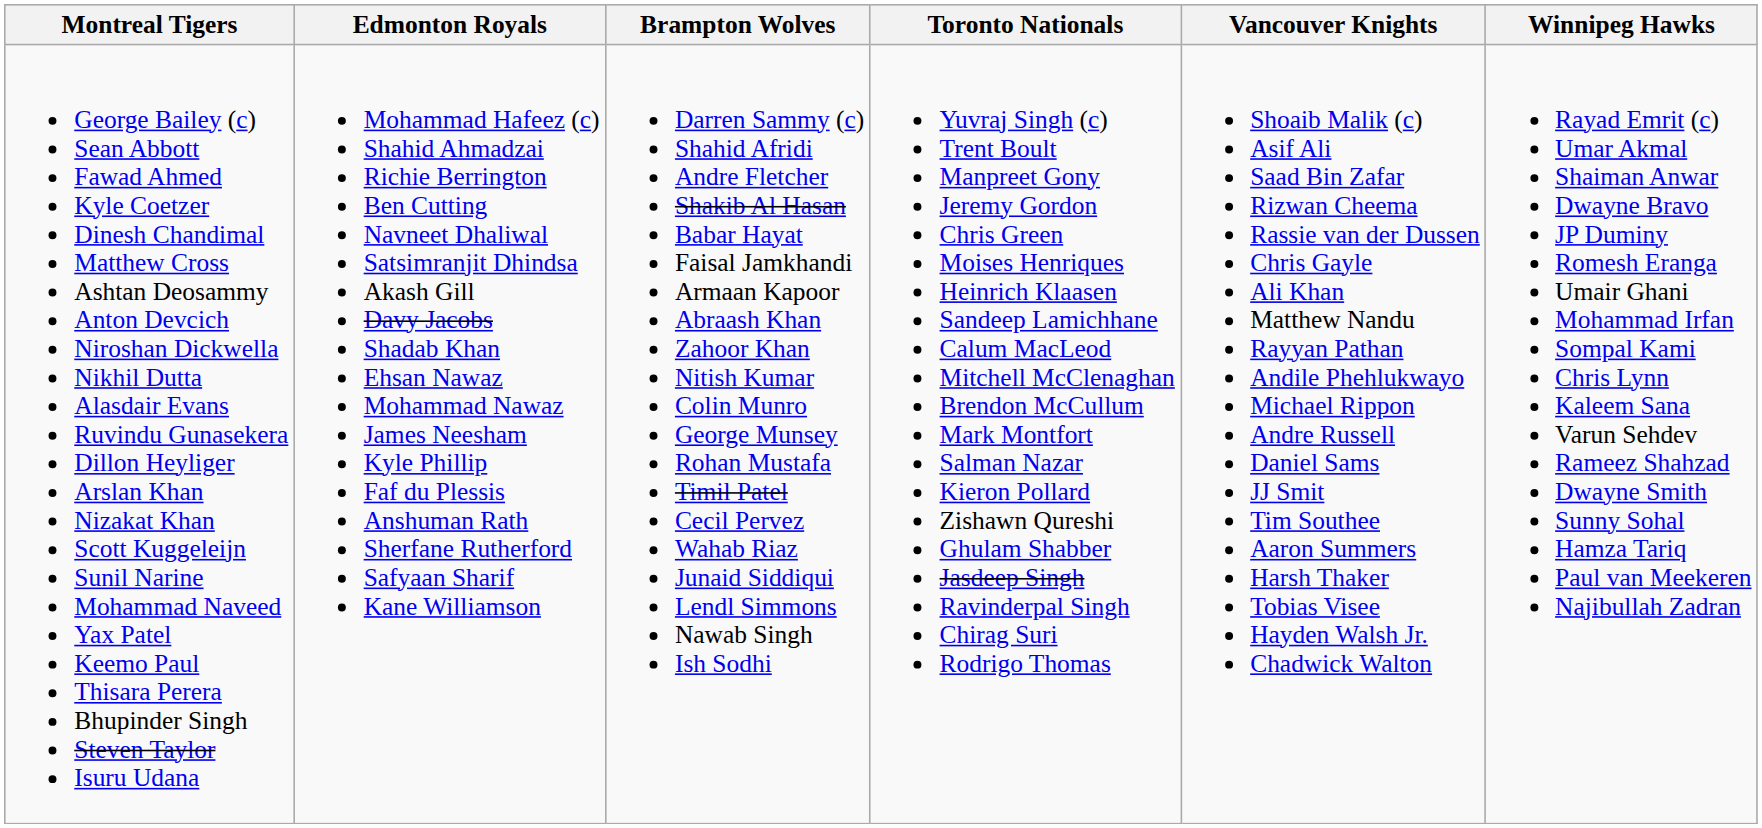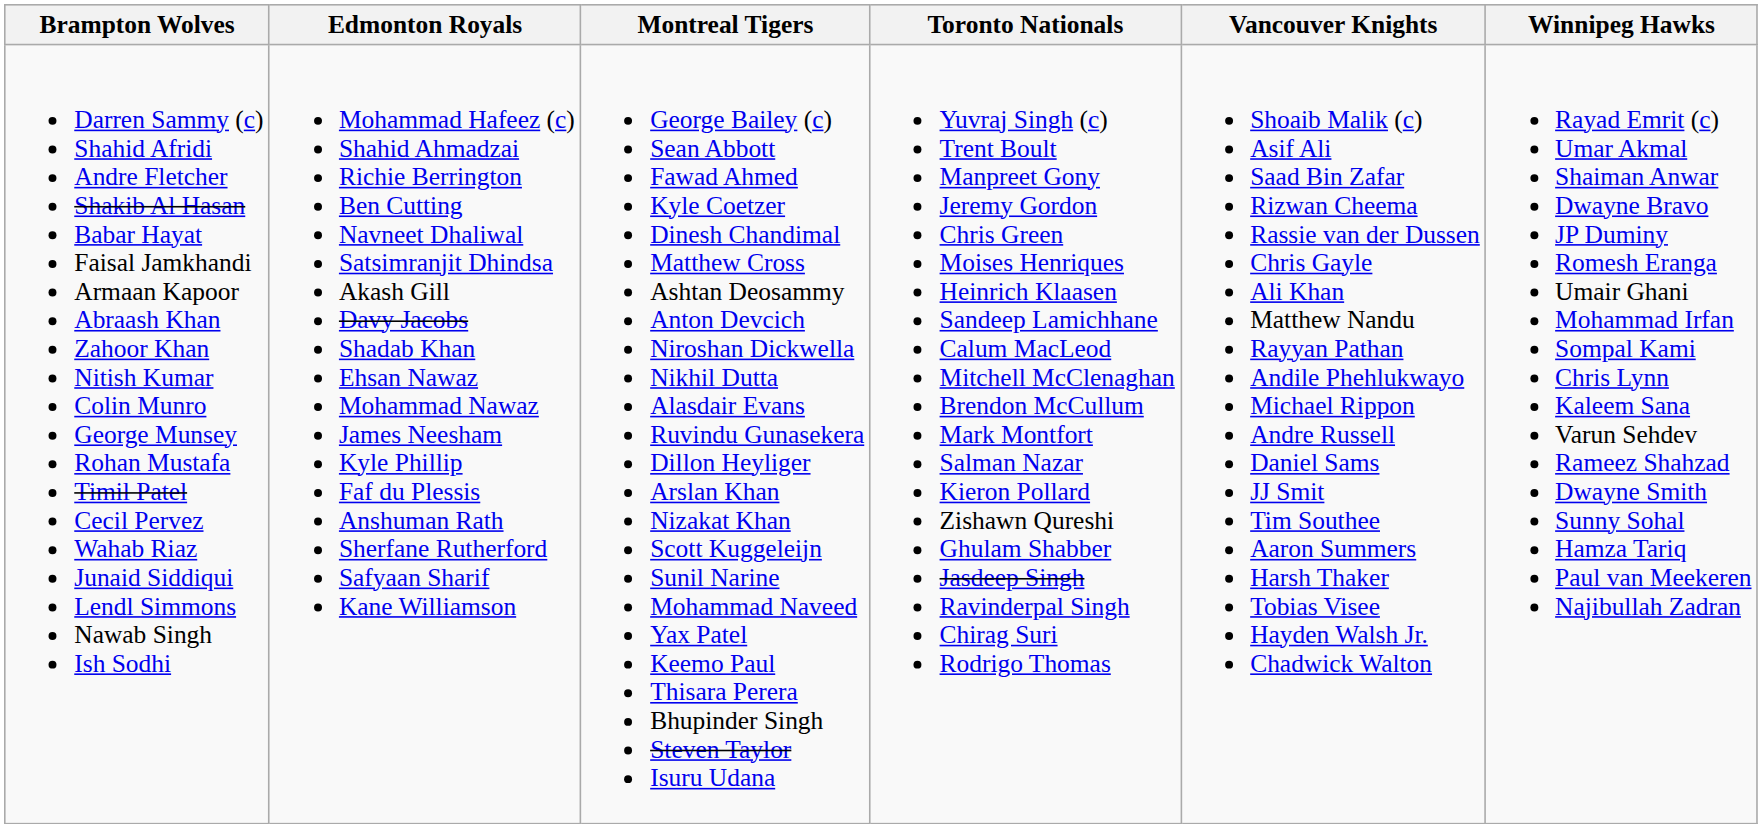 <table class="wikitable">
 <tr>
+<th>Brampton Wolves<br><small></small></th>
+<th>Edmonton Royals<br><small></small></th>
 <th>Montreal Tigers<br><small></small></th>
-<th>Edmonton Royals<br><small></small></th>
-<th>Brampton Wolves<br><small></small></th>
 <th>Toronto Nationals<br><small></small></th>
 <th>Vancouver Knights<br><small></small></th>
 <th>Winnipeg Hawks<br><small></small></th>
 </tr>
 <tr>
+<td valign=top><br><ul><li><a href='#'>Darren Sammy</a> (<a href='#'>c</a>)</li><li><a href='#'>Shahid Afridi</a></li><li><a href='#'>Andre Fletcher</a></li><li><s><a href='#'>Shakib Al Hasan</a></s></li><li><a href='#'>Babar Hayat</a></li><li>Faisal Jamkhandi</li><li>Armaan Kapoor</li><li><a href='#'>Abraash Khan</a></li><li><a href='#'>Zahoor Khan</a></li><li><a href='#'>Nitish Kumar</a></li><li><a href='#'>Colin Munro</a></li><li><a href='#'>George Munsey</a></li><li><a href='#'>Rohan Mustafa</a></li><li><s><a href='#'>Timil Patel</a></s></li><li><a href='#'>Cecil Pervez</a></li><li><a href='#'>Wahab Riaz</a></li><li><a href='#'>Junaid Siddiqui</a></li><li><a href='#'>Lendl Simmons</a></li><li>Nawab Singh</li><li><a href='#'>Ish Sodhi</a></li></ul></td>
+<td valign=top><br><ul><li><a href='#'>Mohammad Hafeez</a> (<a href='#'>c</a>)</li><li><a href='#'>Shahid Ahmadzai</a></li><li><a href='#'>Richie Berrington</a></li><li><a href='#'>Ben Cutting</a></li><li><a href='#'>Navneet Dhaliwal</a></li><li><a href='#'>Satsimranjit Dhindsa</a></li><li>Akash Gill</li><li><s><a href='#'>Davy Jacobs</a></s></li><li><a href='#'>Shadab Khan</a></li><li><a href='#'>Ehsan Nawaz</a></li><li><a href='#'>Mohammad Nawaz</a></li><li><a href='#'>James Neesham</a></li><li><a href='#'>Kyle Phillip</a></li><li><a href='#'>Faf du Plessis</a></li><li><a href='#'>Anshuman Rath</a></li><li><a href='#'>Sherfane Rutherford</a></li><li><a href='#'>Safyaan Sharif</a></li><li><a href='#'>Kane Williamson</a></li></ul></td>
 <td valign=top><br><ul><li><a href='#'>George Bailey</a> (<a href='#'>c</a>)</li><li><a href='#'>Sean Abbott</a></li><li><a href='#'>Fawad Ahmed</a></li><li><a href='#'>Kyle Coetzer</a></li><li><a href='#'>Dinesh Chandimal</a></li><li><a href='#'>Matthew Cross</a></li><li>Ashtan Deosammy</li><li><a href='#'>Anton Devcich</a></li><li><a href='#'>Niroshan Dickwella</a></li><li><a href='#'>Nikhil Dutta</a></li><li><a href='#'>Alasdair Evans</a></li><li><a href='#'>Ruvindu Gunasekera</a></li><li><a href='#'>Dillon Heyliger</a></li><li><a href='#'>Arslan Khan</a></li><li><a href='#'>Nizakat Khan</a></li><li><a href='#'>Scott Kuggeleijn</a></li><li><a href='#'>Sunil Narine</a></li><li><a href='#'>Mohammad Naveed</a></li><li><a href='#'>Yax Patel</a></li><li><a href='#'>Keemo Paul</a></li><li><a href='#'>Thisara Perera</a></li><li>Bhupinder Singh</li><li><s><a href='#'>Steven Taylor</a></s></li><li><a href='#'>Isuru Udana</a></li></ul></td>
-<td valign=top><br><ul><li><a href='#'>Mohammad Hafeez</a> (<a href='#'>c</a>)</li><li><a href='#'>Shahid Ahmadzai</a></li><li><a href='#'>Richie Berrington</a></li><li><a href='#'>Ben Cutting</a></li><li><a href='#'>Navneet Dhaliwal</a></li><li><a href='#'>Satsimranjit Dhindsa</a></li><li>Akash Gill</li><li><s><a href='#'>Davy Jacobs</a></s></li><li><a href='#'>Shadab Khan</a></li><li><a href='#'>Ehsan Nawaz</a></li><li><a href='#'>Mohammad Nawaz</a></li><li><a href='#'>James Neesham</a></li><li><a href='#'>Kyle Phillip</a></li><li><a href='#'>Faf du Plessis</a></li><li><a href='#'>Anshuman Rath</a></li><li><a href='#'>Sherfane Rutherford</a></li><li><a href='#'>Safyaan Sharif</a></li><li><a href='#'>Kane Williamson</a></li></ul></td>
-<td valign=top><br><ul><li><a href='#'>Darren Sammy</a> (<a href='#'>c</a>)</li><li><a href='#'>Shahid Afridi</a></li><li><a href='#'>Andre Fletcher</a></li><li><s><a href='#'>Shakib Al Hasan</a></s></li><li><a href='#'>Babar Hayat</a></li><li>Faisal Jamkhandi</li><li>Armaan Kapoor</li><li><a href='#'>Abraash Khan</a></li><li><a href='#'>Zahoor Khan</a></li><li><a href='#'>Nitish Kumar</a></li><li><a href='#'>Colin Munro</a></li><li><a href='#'>George Munsey</a></li><li><a href='#'>Rohan Mustafa</a></li><li><s><a href='#'>Timil Patel</a></s></li><li><a href='#'>Cecil Pervez</a></li><li><a href='#'>Wahab Riaz</a></li><li><a href='#'>Junaid Siddiqui</a></li><li><a href='#'>Lendl Simmons</a></li><li>Nawab Singh</li><li><a href='#'>Ish Sodhi</a></li></ul></td>
 <td valign=top><br><ul><li><a href='#'>Yuvraj Singh</a> (<a href='#'>c</a>)</li><li><a href='#'>Trent Boult</a></li><li><a href='#'>Manpreet Gony</a></li><li><a href='#'>Jeremy Gordon</a></li><li><a href='#'>Chris Green</a></li><li><a href='#'>Moises Henriques</a></li><li><a href='#'>Heinrich Klaasen</a></li><li><a href='#'>Sandeep Lamichhane</a></li><li><a href='#'>Calum MacLeod</a></li><li><a href='#'>Mitchell McClenaghan</a></li><li><a href='#'>Brendon McCullum</a></li><li><a href='#'>Mark Montfort</a></li><li><a href='#'>Salman Nazar</a></li><li><a href='#'>Kieron Pollard</a></li><li>Zishawn Qureshi</li><li><a href='#'>Ghulam Shabber</a></li><li><s><a href='#'>Jasdeep Singh</a></s></li><li><a href='#'>Ravinderpal Singh</a></li><li><a href='#'>Chirag Suri</a></li><li><a href='#'>Rodrigo Thomas</a></li></ul></td>
 <td valign=top><br><ul><li><a href='#'>Shoaib Malik</a> (<a href='#'>c</a>)</li><li><a href='#'>Asif Ali</a></li><li><a href='#'>Saad Bin Zafar</a></li><li><a href='#'>Rizwan Cheema</a></li><li><a href='#'>Rassie van der Dussen</a></li><li><a href='#'>Chris Gayle</a></li><li><a href='#'>Ali Khan</a></li><li>Matthew Nandu</li><li><a href='#'>Rayyan Pathan</a></li><li><a href='#'>Andile Phehlukwayo</a></li><li><a href='#'>Michael Rippon</a></li><li><a href='#'>Andre Russell</a></li><li><a href='#'>Daniel Sams</a></li><li><a href='#'>JJ Smit</a></li><li><a href='#'>Tim Southee</a></li><li><a href='#'>Aaron Summers</a></li><li><a href='#'>Harsh Thaker</a></li><li><a href='#'>Tobias Visee</a></li><li><a href='#'>Hayden Walsh Jr.</a></li><li><a href='#'>Chadwick Walton</a></li></ul></td>
 <td valign=top><br><ul><li><a href='#'>Rayad Emrit</a> (<a href='#'>c</a>)</li><li><a href='#'>Umar Akmal</a></li><li><a href='#'>Shaiman Anwar</a></li><li><a href='#'>Dwayne Bravo</a></li><li><a href='#'>JP Duminy</a></li><li><a href='#'>Romesh Eranga</a></li><li>Umair Ghani</li><li><a href='#'>Mohammad Irfan</a></li><li><a href='#'>Sompal Kami</a></li><li><a href='#'>Chris Lynn</a></li><li><a href='#'>Kaleem Sana</a></li><li>Varun Sehdev</li><li><a href='#'>Rameez Shahzad</a></li><li><a href='#'>Dwayne Smith</a></li><li><a href='#'>Sunny Sohal</a></li><li><a href='#'>Hamza Tariq</a></li><li><a href='#'>Paul van Meekeren</a></li><li><a href='#'>Najibullah Zadran</a></li></ul></td>
 </tr>
 </table>
